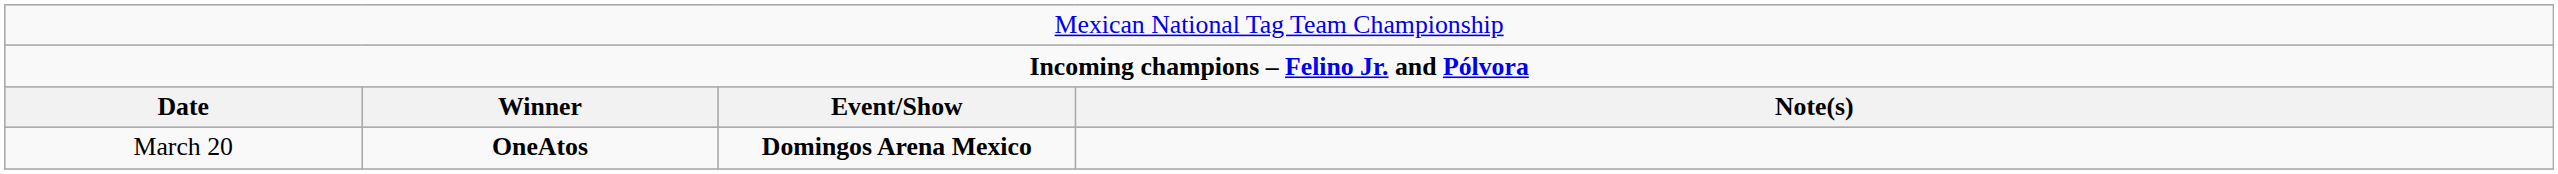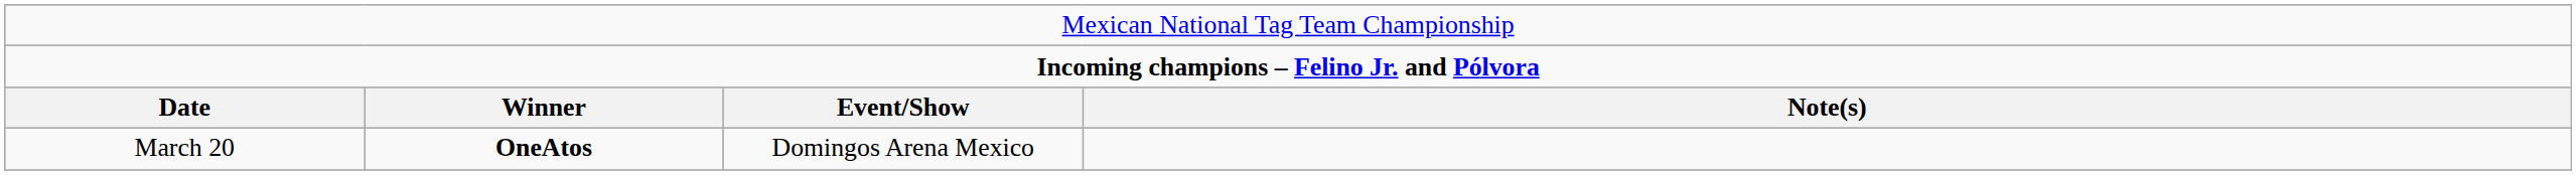 <table class="wikitable" style="text-align:center; width:100%;">
 <tr>
 <td colspan="4" style="text-align: center;"><a href='#'>Mexican National Tag Team Championship</a></td>
 </tr>
 <tr>
 <td colspan="4" style="text-align: center;"><strong>Incoming champions – <a href='#'>Felino Jr.</a> and <a href='#'>Pólvora</a></strong></td>
 </tr>
 <tr>
 <th width=14%>Date</th>
 <th width=14%>Winner</th>
 <th width=14%>Event/Show</th>
 <th width=58%>Note(s)</th>
 </tr>
 <tr>
 <td>March 20</td>
 <td><strong>OneAtos<br></strong></td>
-<td><strong>Domingos Arena Mexico</strong></td>
+<td>Domingos Arena Mexico</td>
 <td></td>
 </tr>
 </table>
